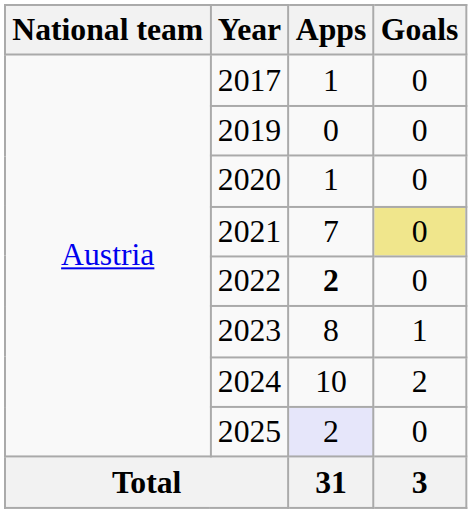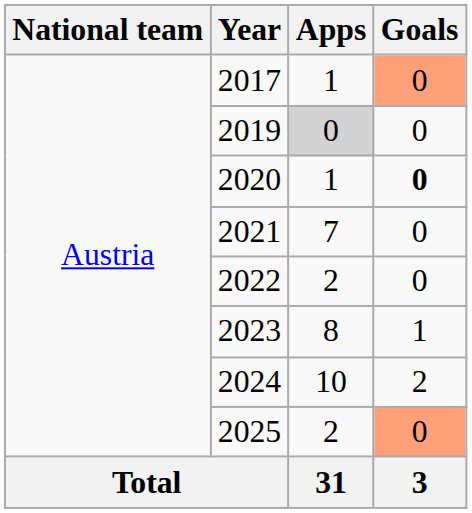 <table class="wikitable" style="text-align:center">
 <tr>
 <th>National team</th>
 <th>Year</th>
 <th>Apps</th>
 <th>Goals</th>
 </tr>
 <tr>
 <td rowspan="8"><a href='#'>Austria</a></td>
 <td>2017</td>
 <td>1</td>
-<td>0</td>
+<td style="background: lightsalmon;">0</td>
 </tr>
 <tr>
 <td>2019</td>
-<td>0</td>
+<td style="background: lightgrey;">0</td>
 <td>0</td>
 </tr>
 <tr>
 <td>2020</td>
 <td>1</td>
-<td>0</td>
+<td><strong>0</strong></td>
 </tr>
 <tr>
 <td>2021</td>
 <td>7</td>
-<td style="background: khaki;">0</td>
+<td>0</td>
 </tr>
 <tr>
 <td>2022</td>
-<td><strong>2</strong></td>
+<td>2</td>
 <td>0</td>
 </tr>
 <tr>
 <td>2023</td>
 <td>8</td>
 <td>1</td>
 </tr>
 <tr>
 <td>2024</td>
 <td>10</td>
 <td>2</td>
 </tr>
 <tr>
 <td>2025</td>
-<td style="background: lavender;">2</td>
-<td>0</td>
+<td>2</td>
+<td style="background: lightsalmon;">0</td>
 </tr>
 <tr>
 <th colspan="2">Total</th>
 <th>31</th>
 <th>3</th>
 </tr>
 </table>
